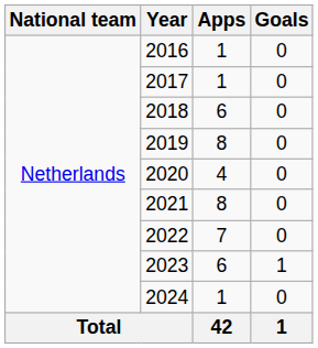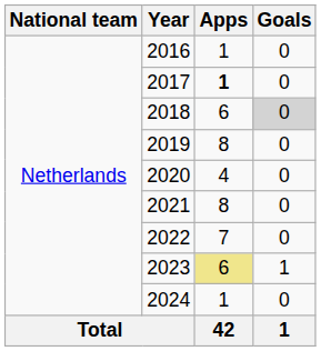 <table class="wikitable" style="text-align:center">
 <tr>
 <th>National team</th>
 <th>Year</th>
 <th>Apps</th>
 <th>Goals</th>
 </tr>
 <tr>
 <td rowspan="9"><a href='#'>Netherlands</a></td>
 <td>2016</td>
 <td>1</td>
 <td>0</td>
 </tr>
 <tr>
 <td>2017</td>
-<td>1</td>
+<td><strong>1</strong></td>
 <td>0</td>
 </tr>
 <tr>
 <td>2018</td>
 <td>6</td>
-<td>0</td>
+<td style="background: lightgrey;">0</td>
 </tr>
 <tr>
 <td>2019</td>
 <td>8</td>
 <td>0</td>
 </tr>
 <tr>
 <td>2020</td>
 <td>4</td>
 <td>0</td>
 </tr>
 <tr>
 <td>2021</td>
 <td>8</td>
 <td>0</td>
 </tr>
 <tr>
 <td>2022</td>
 <td>7</td>
 <td>0</td>
 </tr>
 <tr>
 <td>2023</td>
-<td>6</td>
+<td style="background: khaki;">6</td>
 <td>1</td>
 </tr>
 <tr>
 <td>2024</td>
 <td>1</td>
 <td>0</td>
 </tr>
 <tr>
 <th colspan="2">Total</th>
 <th>42</th>
 <th>1</th>
 </tr>
 </table>
